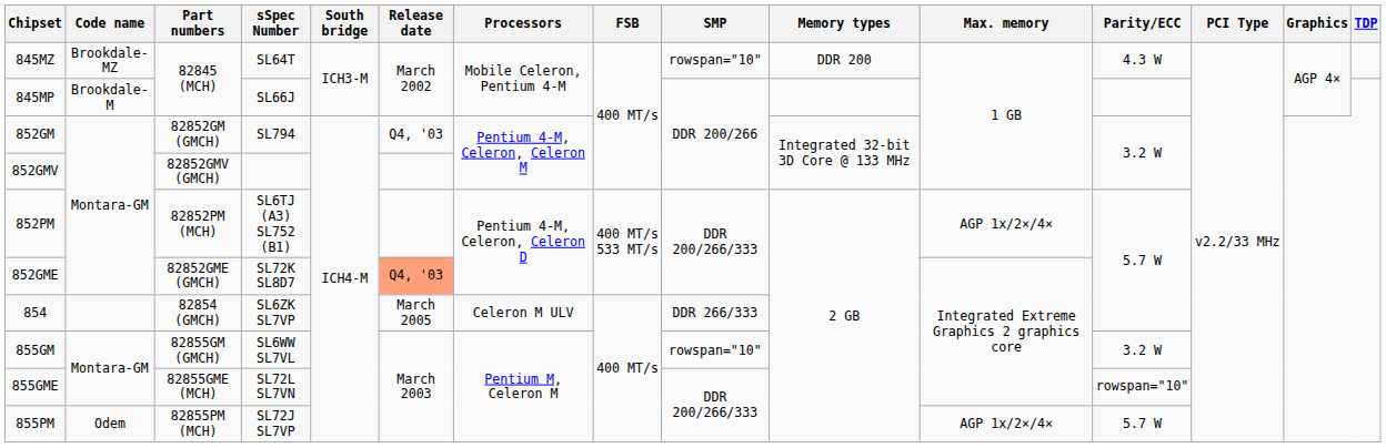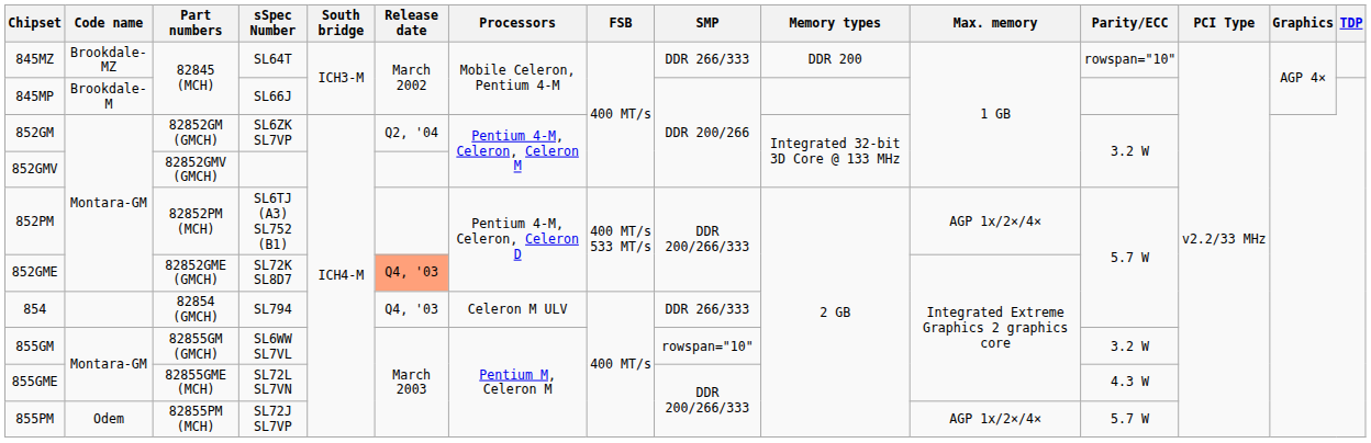 <table class="wikitable" style="font-size: 90%; text-align:center;">
 <tr>
 <th>Chipset</th>
 <th>Code name</th>
 <th>Part numbers</th>
 <th>sSpec Number</th>
 <th>South bridge</th>
 <th>Release date</th>
 <th>Processors</th>
 <th>FSB</th>
 <th>SMP</th>
 <th>Memory types</th>
 <th>Max. memory</th>
 <th>Parity/ECC</th>
 <th>PCI Type</th>
 <th>Graphics</th>
 <th><a href='#'>TDP</a></th>
 </tr>
 <tr>
 <td>845MZ</td>
 <td>Brookdale-MZ</td>
 <td rowspan="2">82845 (MCH)</td>
 <td>SL64T</td>
 <td rowspan="2">ICH3-M</td>
 <td rowspan="2">March 2002</td>
 <td rowspan="2">Mobile Celeron, Pentium 4-M</td>
 <td rowspan="4">400 MT/s</td>
-<td>rowspan="10" </td>
+<td>DDR 266/333</td>
 <td>DDR 200</td>
 <td rowspan="4">1 GB</td>
-<td>4.3 W</td>
+<td>rowspan="10" </td>
 <td rowspan="10">v2.2/33 MHz</td>
 <td rowspan="2">AGP 4×</td>
 <td></td>
 </tr>
 <tr>
 <td>845MP</td>
 <td>Brookdale-M</td>
 <td>SL66J</td>
 <td rowspan="3">DDR 200/266</td>
 <td></td>
 </tr>
 <tr>
 <td>852GM</td>
 <td rowspan="4">Montara-GM</td>
 <td>82852GM (GMCH)</td>
-<td>SL794</td>
+<td>SL6ZK<br>SL7VP</td>
 <td rowspan="8">ICH4-M</td>
-<td>Q4, '03</td>
+<td>Q2, '04</td>
 <td rowspan="2"><a href='#'>Pentium 4-M</a>, <a href='#'>Celeron</a>, <a href='#'>Celeron M</a></td>
 <td rowspan="2">Integrated 32-bit 3D Core @ 133 MHz</td>
 <td rowspan="2">3.2 W</td>
 </tr>
 <tr>
 <td>852GMV</td>
 <td>82852GMV (GMCH)</td>
 <td></td>
 <td></td>
 </tr>
 <tr>
 <td>852PM</td>
 <td>82852PM (MCH)</td>
 <td>SL6TJ (A3)<br>SL752 (B1)</td>
 <td></td>
 <td rowspan="2">Pentium 4-M, Celeron, <a href='#'>Celeron D</a></td>
 <td rowspan="2">400 MT/s<br>533 MT/s</td>
 <td rowspan="2">DDR 200/266/333</td>
 <td rowspan="6">2 GB</td>
 <td>AGP 1x/2×/4×</td>
 <td rowspan="3">5.7 W</td>
 </tr>
 <tr>
 <td>852GME</td>
 <td>82852GME (GMCH)</td>
 <td>SL72K<br>SL8D7</td>
 <td style="background: lightsalmon;">Q4, '03</td>
 <td rowspan="4">Integrated Extreme Graphics 2 graphics core</td>
 </tr>
 <tr>
 <td>854</td>
 <td></td>
 <td>82854 (GMCH)</td>
-<td>SL6ZK<br>SL7VP</td>
-<td>March 2005</td>
+<td>SL794</td>
+<td>Q4, '03</td>
 <td>Celeron M ULV</td>
 <td rowspan="4">400 MT/s</td>
 <td>DDR 266/333</td>
 </tr>
 <tr>
 <td>855GM</td>
 <td rowspan="2">Montara-GM</td>
 <td>82855GM (GMCH)</td>
 <td>SL6WW<br>SL7VL</td>
 <td rowspan="3">March 2003</td>
 <td rowspan="3"><a href='#'>Pentium M</a>, Celeron M</td>
 <td>rowspan="10" </td>
 <td>3.2 W</td>
 </tr>
 <tr>
 <td>855GME</td>
 <td>82855GME (MCH)</td>
 <td>SL72L<br>SL7VN</td>
 <td rowspan="2">DDR 200/266/333</td>
-<td>rowspan="10" </td>
+<td>4.3 W</td>
 </tr>
 <tr>
 <td>855PM</td>
 <td>Odem</td>
 <td>82855PM (MCH)</td>
 <td>SL72J<br>SL7VP</td>
 <td>AGP 1x/2×/4×</td>
 <td>5.7 W</td>
 </tr>
 </table>
